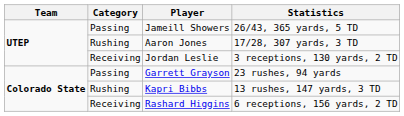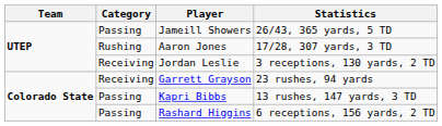 <table class="wikitable" style="float: left;">
 <tr>
 <th>Team</th>
 <th>Category</th>
 <th>Player</th>
 <th>Statistics</th>
 </tr>
 <tr>
 <td rowspan=3><strong>UTEP</strong></td>
 <td>Passing</td>
 <td>Jameill Showers</td>
 <td>26/43, 365 yards, 5 TD</td>
 </tr>
 <tr>
 <td>Rushing</td>
 <td>Aaron Jones</td>
 <td>17/28, 307 yards, 3 TD</td>
 </tr>
 <tr>
 <td>Receiving</td>
 <td>Jordan Leslie</td>
 <td>3 receptions, 130 yards, 2 TD</td>
 </tr>
 <tr>
 <td rowspan=3><strong>Colorado State</strong></td>
-<td>Passing</td>
+<td>Receiving</td>
 <td><a href='#'>Garrett Grayson</a></td>
 <td>23 rushes, 94 yards</td>
 </tr>
 <tr>
-<td>Rushing</td>
+<td>Passing</td>
 <td><a href='#'>Kapri Bibbs</a></td>
 <td>13 rushes, 147 yards, 3 TD</td>
 </tr>
 <tr>
-<td>Receiving</td>
+<td>Passing</td>
 <td><a href='#'>Rashard Higgins</a></td>
 <td>6 receptions, 156 yards, 2 TD</td>
 </tr>
 </table>
